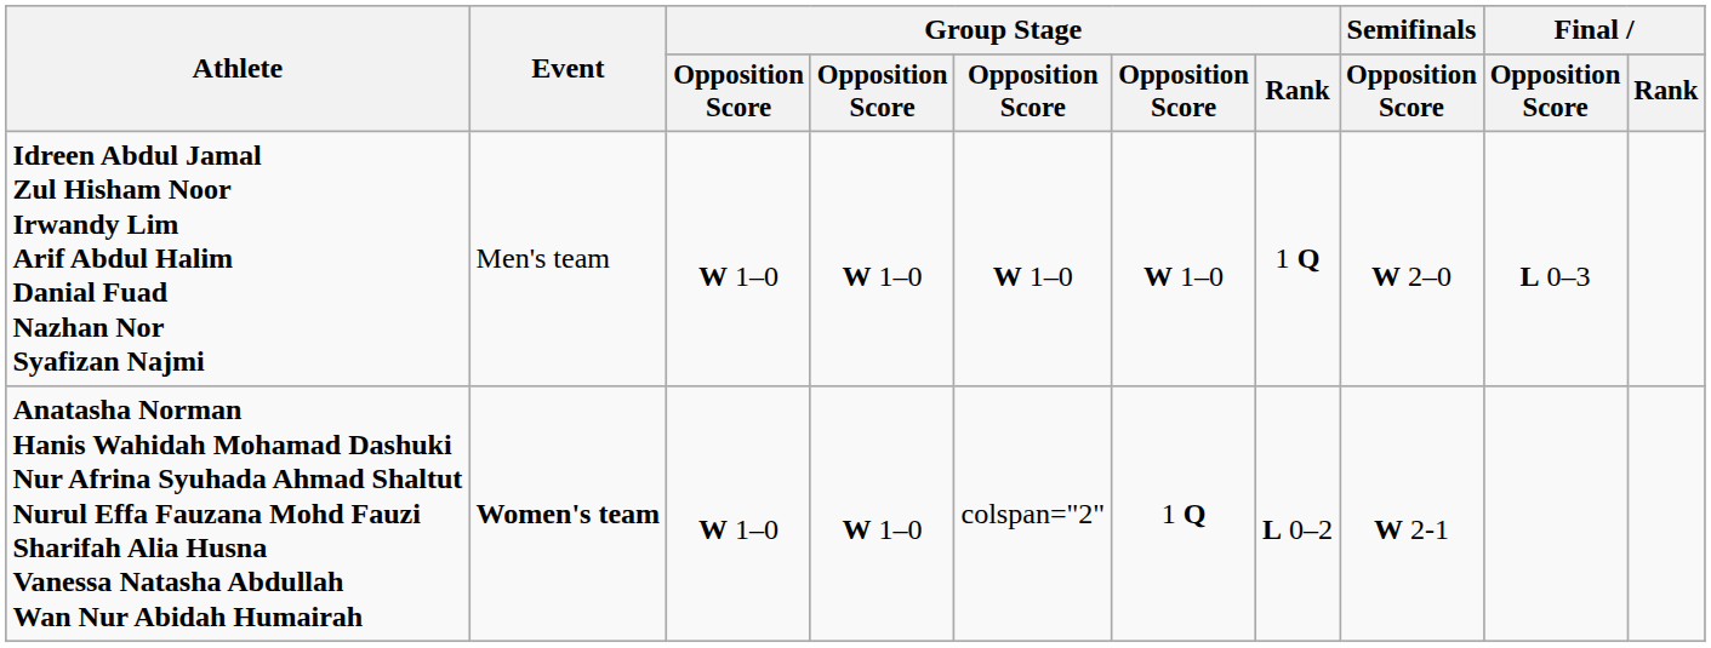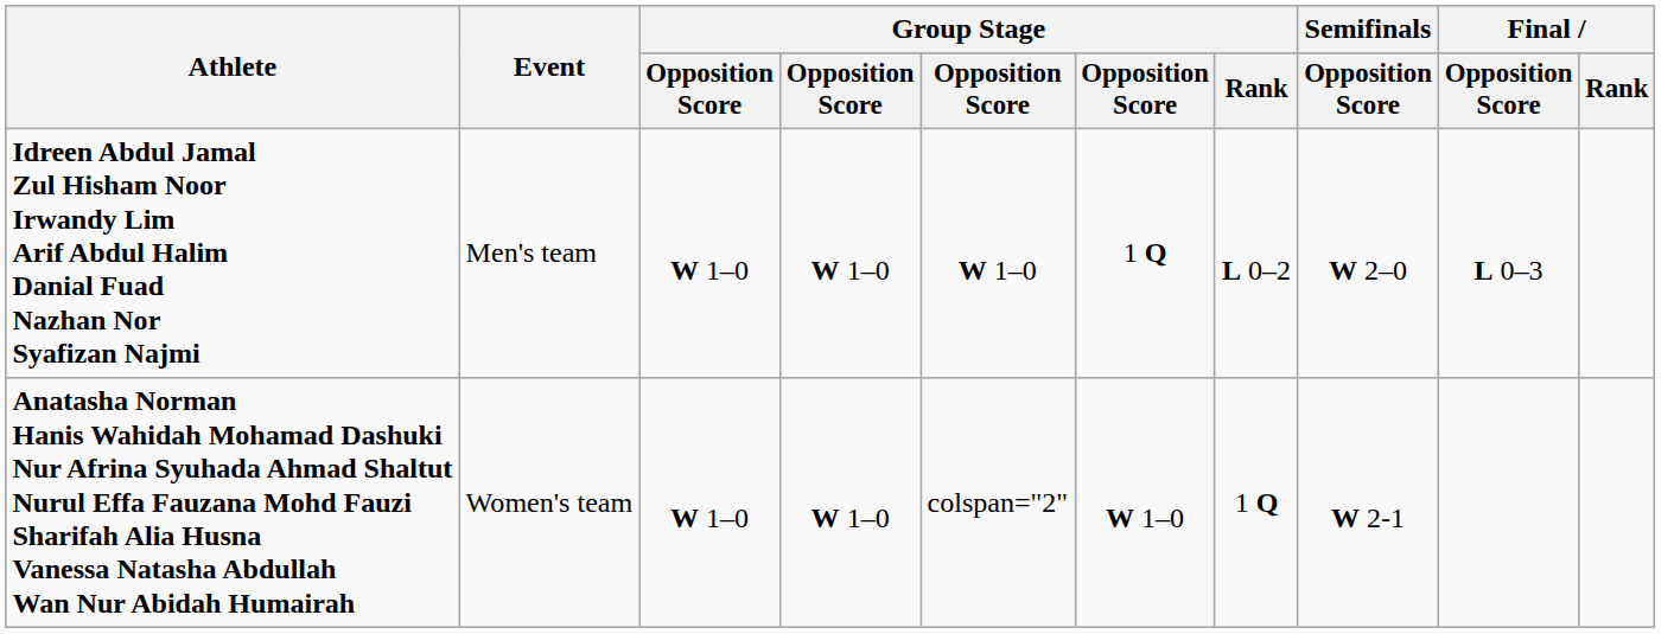 <table class="wikitable" style="font-size:90%">
 <tr>
 <th rowspan="2">Athlete</th>
 <th rowspan="2">Event</th>
 <th colspan="5">Group Stage</th>
 <th>Semifinals</th>
 <th colspan=2>Final / </th>
 </tr>
 <tr style="font-size:95%">
 <th>Opposition<br>Score</th>
 <th>Opposition<br>Score</th>
 <th>Opposition<br>Score</th>
 <th>Opposition<br>Score</th>
 <th>Rank</th>
 <th>Opposition<br>Score</th>
 <th>Opposition<br>Score</th>
 <th>Rank</th>
 </tr>
 <tr align=center>
 <td align="left"><strong>Idreen Abdul Jamal<br>Zul Hisham Noor<br>Irwandy Lim<br>Arif Abdul Halim<br>Danial Fuad<br>Nazhan Nor<br>Syafizan Najmi</strong></td>
 <td align="left">Men's team</td>
 <td> <br><strong>W</strong> 1–0</td>
 <td> <br><strong>W</strong> 1–0</td>
 <td> <br><strong>W</strong> 1–0</td>
-<td> <br><strong>W</strong> 1–0</td>
 <td>1 <strong>Q</strong></td>
+<td> <br><strong>L</strong> 0–2</td>
 <td> <br><strong>W</strong> 2–0</td>
 <td> <br><strong>L</strong> 0–3</td>
 <td></td>
 </tr>
 <tr align=center>
 <td align="left"><strong>Anatasha Norman<br>Hanis Wahidah Mohamad Dashuki<br>Nur Afrina Syuhada Ahmad Shaltut<br>Nurul Effa Fauzana Mohd Fauzi<br>Sharifah Alia Husna<br>Vanessa Natasha Abdullah<br>Wan Nur Abidah Humairah</strong></td>
-<td align="left"><strong>Women's team</strong></td>
+<td align="left">Women's team</td>
 <td> <br><strong>W</strong> 1–0</td>
 <td> <br><strong>W</strong> 1–0</td>
 <td>colspan="2" </td>
+<td> <br><strong>W</strong> 1–0</td>
 <td>1 <strong>Q</strong></td>
-<td> <br><strong>L</strong> 0–2</td>
 <td> <br><strong>W</strong> 2-1</td>
 <td></td>
 </tr>
 </table>
